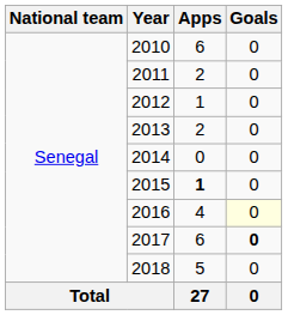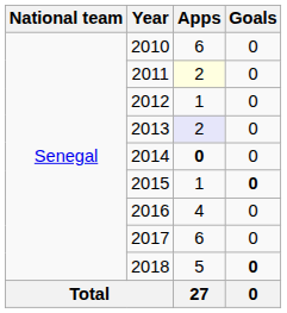 <table class="wikitable" style="text-align:center">
 <tr>
 <th>National team</th>
 <th>Year</th>
 <th>Apps</th>
 <th>Goals</th>
 </tr>
 <tr>
 <td rowspan="9"><a href='#'>Senegal</a></td>
 <td>2010</td>
 <td>6</td>
 <td>0</td>
 </tr>
 <tr>
 <td>2011</td>
-<td>2</td>
+<td style="background: lightyellow;">2</td>
 <td>0</td>
 </tr>
 <tr>
 <td>2012</td>
 <td>1</td>
 <td>0</td>
 </tr>
 <tr>
 <td>2013</td>
-<td>2</td>
+<td style="background: lavender;">2</td>
 <td>0</td>
 </tr>
 <tr>
 <td>2014</td>
-<td>0</td>
+<td><strong>0</strong></td>
 <td>0</td>
 </tr>
 <tr>
 <td>2015</td>
-<td><strong>1</strong></td>
-<td>0</td>
+<td>1</td>
+<td><strong>0</strong></td>
 </tr>
 <tr>
 <td>2016</td>
 <td>4</td>
-<td style="background: lightyellow;">0</td>
+<td>0</td>
 </tr>
 <tr>
 <td>2017</td>
 <td>6</td>
-<td><strong>0</strong></td>
+<td>0</td>
 </tr>
 <tr>
 <td>2018</td>
 <td>5</td>
-<td>0</td>
+<td><strong>0</strong></td>
 </tr>
 <tr>
 <th colspan="2">Total</th>
 <th>27</th>
 <th>0</th>
 </tr>
 </table>
